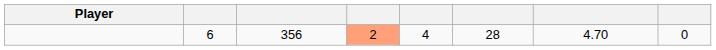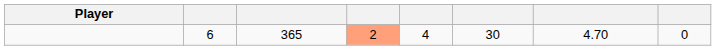 <table class="wikitable sortable" style="width:100%;">
 <tr style="text-align:center; background:#ddd;">
 <th>Player</th>
 <th></th>
 <th></th>
 <th></th>
 <th></th>
 <th></th>
 <th></th>
 <th></th>
 </tr>
 <tr align=center>
 <td></td>
 <td>6</td>
-<td>356</td>
+<td>365</td>
 <td style="background: lightsalmon;">2</td>
 <td>4</td>
-<td>28</td>
+<td>30</td>
 <td>4.70</td>
 <td>0</td>
 </tr>
 </table>
